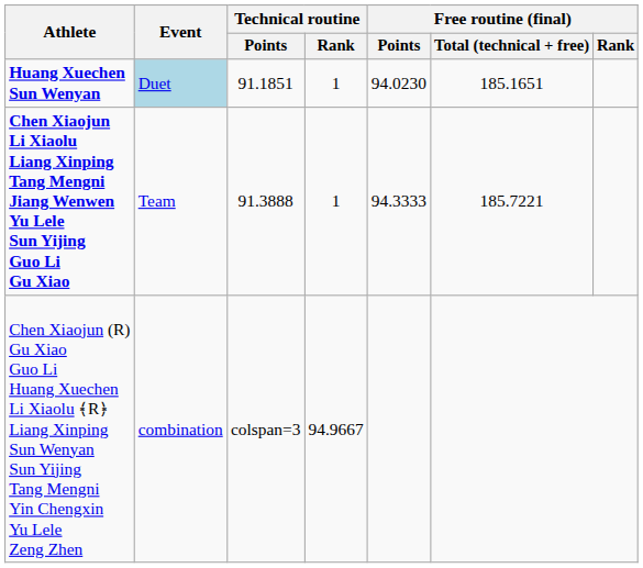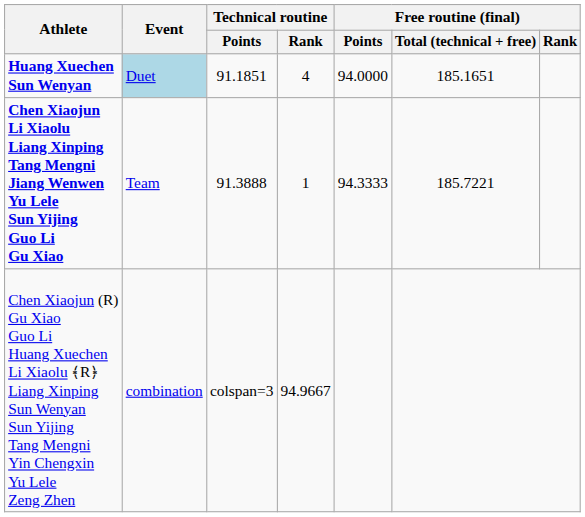 <table class="wikitable" style="text-align:left; font-size:90%">
 <tr>
 <th rowspan=2>Athlete</th>
 <th rowspan=2>Event</th>
 <th colspan=2>Technical routine</th>
 <th colspan=3>Free routine (final)</th>
 </tr>
 <tr style="font-size:95%">
 <th>Points</th>
 <th>Rank</th>
 <th>Points</th>
 <th>Total (technical + free)</th>
 <th>Rank</th>
 </tr>
 <tr align=center>
 <td align=left><strong><a href='#'>Huang Xuechen</a><br><a href='#'>Sun Wenyan</a></strong></td>
 <td align=left style="background: lightblue;"><a href='#'>Duet</a></td>
 <td>91.1851</td>
-<td>1</td>
-<td>94.0230</td>
+<td>4</td>
+<td>94.0000</td>
 <td>185.1651</td>
 <td></td>
 </tr>
 <tr align=center>
 <td align=left><strong><a href='#'>Chen Xiaojun</a><br><a href='#'>Li Xiaolu</a><br><a href='#'>Liang Xinping</a><br><a href='#'>Tang Mengni</a><br><a href='#'>Jiang Wenwen</a><br><a href='#'>Yu Lele</a><br><a href='#'>Sun Yijing</a><br><a href='#'>Guo Li</a><br><a href='#'>Gu Xiao</a></strong></td>
 <td align=left><a href='#'>Team</a></td>
 <td>91.3888</td>
 <td>1</td>
 <td>94.3333</td>
 <td>185.7221</td>
 <td></td>
 </tr>
 <tr align=center>
 <td align=left><br><a href='#'>Chen Xiaojun</a> (R)<br><a href='#'>Gu Xiao</a><br><a href='#'>Guo Li</a><br><a href='#'>Huang Xuechen</a><br><a href='#'>Li Xiaolu</a> ﴾R﴿<br><a href='#'>Liang Xinping</a><br><a href='#'>Sun Wenyan</a><br><a href='#'>Sun Yijing</a><br><a href='#'>Tang Mengni</a><br><a href='#'>Yin Chengxin</a><br><a href='#'>Yu Lele</a><br><a href='#'>Zeng Zhen</a></td>
 <td align=left><a href='#'>combination</a></td>
 <td>colspan=3 </td>
 <td>94.9667</td>
 <td></td>
 </tr>
 </table>
